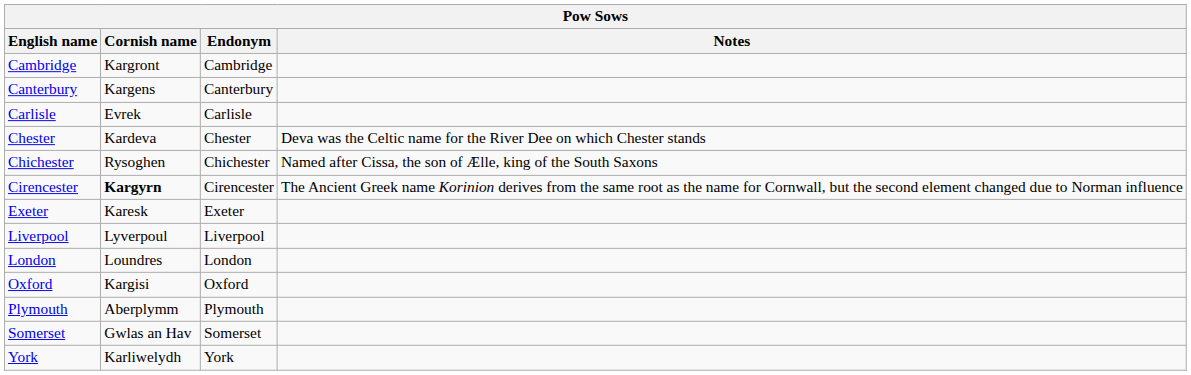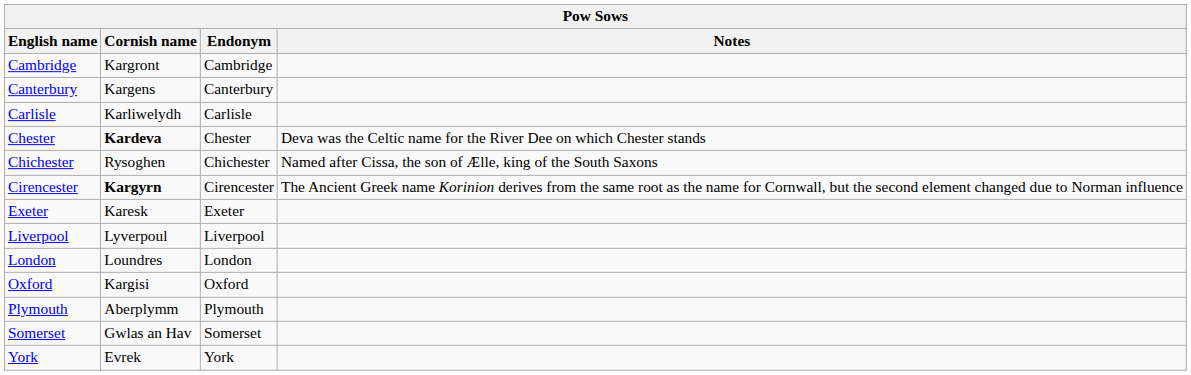 <table class="wikitable sortable">
 <tr>
 <th colspan="24"> Pow Sows</th>
 </tr>
 <tr>
 <th>English name</th>
 <th>Cornish name</th>
 <th>Endonym</th>
 <th>Notes</th>
 </tr>
 <tr>
 <td><a href='#'>Cambridge</a></td>
 <td>Kargront</td>
 <td>Cambridge</td>
 <td></td>
 </tr>
 <tr>
 <td><a href='#'>Canterbury</a></td>
 <td>Kargens</td>
 <td>Canterbury</td>
 <td></td>
 </tr>
 <tr>
 <td><a href='#'>Carlisle</a></td>
-<td>Evrek</td>
+<td>Karliwelydh</td>
 <td>Carlisle</td>
 <td></td>
 </tr>
 <tr>
 <td><a href='#'>Chester</a></td>
-<td>Kardeva</td>
+<td><strong>Kardeva</strong></td>
 <td>Chester</td>
 <td>Deva was the Celtic name for the River Dee on which Chester stands</td>
 </tr>
 <tr>
 <td><a href='#'>Chichester</a></td>
 <td>Rysoghen</td>
 <td>Chichester</td>
 <td>Named after Cissa, the son of Ælle, king of the South Saxons</td>
 </tr>
 <tr>
 <td><a href='#'>Cirencester</a></td>
 <td><strong>Kargyrn</strong></td>
 <td>Cirencester</td>
 <td>The Ancient Greek name <em>Korinion</em> derives from the same root as the name for Cornwall, but the second element changed due to  Norman influence</td>
 </tr>
 <tr>
 <td><a href='#'>Exeter</a></td>
 <td>Karesk</td>
 <td>Exeter</td>
 <td></td>
 </tr>
 <tr>
 <td><a href='#'>Liverpool</a></td>
 <td>Lyverpoul</td>
 <td>Liverpool</td>
 <td></td>
 </tr>
 <tr>
 <td><a href='#'>London</a></td>
 <td>Loundres</td>
 <td>London</td>
 <td></td>
 </tr>
 <tr>
 <td><a href='#'>Oxford</a></td>
 <td>Kargisi</td>
 <td>Oxford</td>
 <td></td>
 </tr>
 <tr>
 <td><a href='#'>Plymouth</a></td>
 <td>Aberplymm</td>
 <td>Plymouth</td>
 <td></td>
 </tr>
 <tr>
 <td><a href='#'>Somerset</a></td>
 <td>Gwlas an Hav</td>
 <td>Somerset</td>
 <td></td>
 </tr>
 <tr>
 <td><a href='#'>York</a></td>
-<td>Karliwelydh</td>
+<td>Evrek</td>
 <td>York</td>
 <td></td>
 </tr>
 </table>
